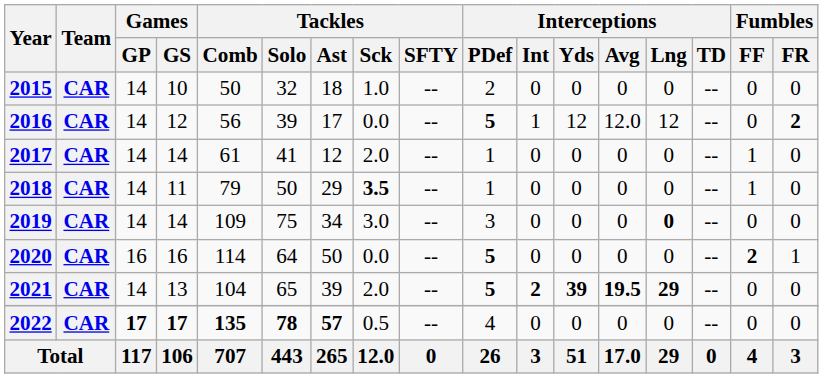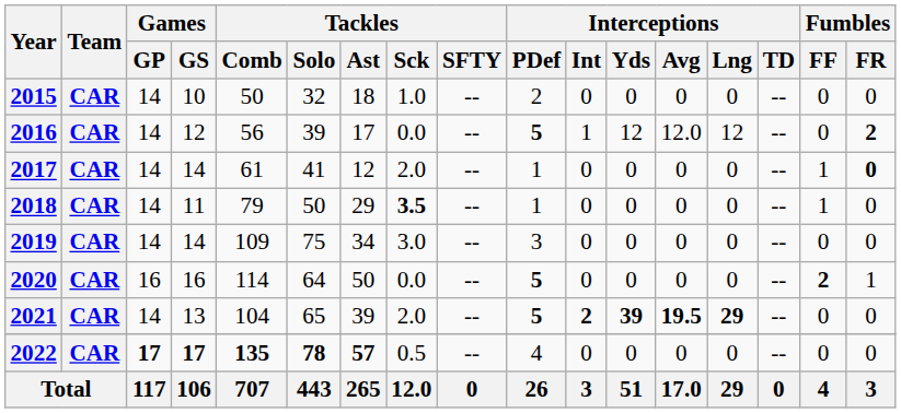 <table class="wikitable" style="text-align: center;">
 <tr>
 <th rowspan="2">Year</th>
 <th rowspan="2">Team</th>
 <th colspan="2">Games</th>
 <th colspan="5">Tackles</th>
 <th colspan="6">Interceptions</th>
 <th colspan="2">Fumbles</th>
 </tr>
 <tr>
 <th>GP</th>
 <th>GS</th>
 <th>Comb</th>
 <th>Solo</th>
 <th>Ast</th>
 <th>Sck</th>
 <th>SFTY</th>
 <th>PDef</th>
 <th>Int</th>
 <th>Yds</th>
 <th>Avg</th>
 <th>Lng</th>
 <th>TD</th>
 <th>FF</th>
 <th>FR</th>
 </tr>
 <tr>
 <th><a href='#'>2015</a></th>
 <th><a href='#'>CAR</a></th>
 <td>14</td>
 <td>10</td>
 <td>50</td>
 <td>32</td>
 <td>18</td>
 <td>1.0</td>
 <td>--</td>
 <td>2</td>
 <td>0</td>
 <td>0</td>
 <td>0</td>
 <td>0</td>
 <td>--</td>
 <td>0</td>
 <td>0</td>
 </tr>
 <tr>
 <th><a href='#'>2016</a></th>
 <th><a href='#'>CAR</a></th>
 <td>14</td>
 <td>12</td>
 <td>56</td>
 <td>39</td>
 <td>17</td>
 <td>0.0</td>
 <td>--</td>
 <td><strong>5</strong></td>
 <td>1</td>
 <td>12</td>
 <td>12.0</td>
 <td>12</td>
 <td>--</td>
 <td>0</td>
 <td><strong>2</strong></td>
 </tr>
 <tr>
 <th><a href='#'>2017</a></th>
 <th><a href='#'>CAR</a></th>
 <td>14</td>
 <td>14</td>
 <td>61</td>
 <td>41</td>
 <td>12</td>
 <td>2.0</td>
 <td>--</td>
 <td>1</td>
 <td>0</td>
 <td>0</td>
 <td>0</td>
 <td>0</td>
 <td>--</td>
 <td>1</td>
-<td>0</td>
+<td><strong>0</strong></td>
 </tr>
 <tr>
 <th><a href='#'>2018</a></th>
 <th><a href='#'>CAR</a></th>
 <td>14</td>
 <td>11</td>
 <td>79</td>
 <td>50</td>
 <td>29</td>
 <td><strong>3.5</strong></td>
 <td>--</td>
 <td>1</td>
 <td>0</td>
 <td>0</td>
 <td>0</td>
 <td>0</td>
 <td>--</td>
 <td>1</td>
 <td>0</td>
 </tr>
 <tr>
 <th><a href='#'>2019</a></th>
 <th><a href='#'>CAR</a></th>
 <td>14</td>
 <td>14</td>
 <td>109</td>
 <td>75</td>
 <td>34</td>
 <td>3.0</td>
 <td>--</td>
 <td>3</td>
 <td>0</td>
 <td>0</td>
 <td>0</td>
-<td><strong>0</strong></td>
+<td>0</td>
 <td>--</td>
 <td>0</td>
 <td>0</td>
 </tr>
 <tr>
 <th><a href='#'>2020</a></th>
 <th><a href='#'>CAR</a></th>
 <td>16</td>
 <td>16</td>
 <td>114</td>
 <td>64</td>
 <td>50</td>
 <td>0.0</td>
 <td>--</td>
 <td><strong>5</strong></td>
 <td>0</td>
 <td>0</td>
 <td>0</td>
 <td>0</td>
 <td>--</td>
 <td><strong>2</strong></td>
 <td>1</td>
 </tr>
 <tr>
 <th><a href='#'>2021</a></th>
 <th><a href='#'>CAR</a></th>
 <td>14</td>
 <td>13</td>
 <td>104</td>
 <td>65</td>
 <td>39</td>
 <td>2.0</td>
 <td>--</td>
 <td><strong>5</strong></td>
 <td><strong>2</strong></td>
 <td><strong>39</strong></td>
 <td><strong>19.5</strong></td>
 <td><strong>29</strong></td>
 <td>--</td>
 <td>0</td>
 <td>0</td>
 </tr>
 <tr>
 </tr>
 <tr>
 <th><a href='#'>2022</a></th>
 <th><a href='#'>CAR</a></th>
 <td><strong>17</strong></td>
 <td><strong>17</strong></td>
 <td><strong>135</strong></td>
 <td><strong>78</strong></td>
 <td><strong>57</strong></td>
 <td>0.5</td>
 <td>--</td>
 <td>4</td>
 <td>0</td>
 <td>0</td>
 <td>0</td>
 <td>0</td>
 <td>--</td>
 <td>0</td>
 <td>0</td>
 </tr>
 <tr>
 <th colspan="2">Total</th>
 <th>117</th>
 <th>106</th>
 <th>707</th>
 <th>443</th>
 <th>265</th>
 <th>12.0</th>
 <th>0</th>
 <th>26</th>
 <th>3</th>
 <th>51</th>
 <th>17.0</th>
 <th>29</th>
 <th>0</th>
 <th>4</th>
 <th>3</th>
 </tr>
 </table>
